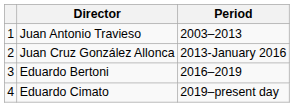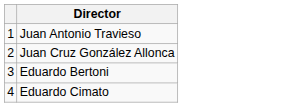 <table class="wikitable">
 <tr>
 <th></th>
 <th>Director</th>
-<th>Period</th>
 </tr>
 <tr>
 <td>1</td>
 <td>Juan Antonio Travieso</td>
-<td>2003–2013</td>
 </tr>
 <tr>
 <td>2</td>
 <td>Juan Cruz González Allonca</td>
-<td>2013-January 2016</td>
 </tr>
 <tr>
 <td>3</td>
 <td>Eduardo Bertoni</td>
-<td>2016–2019</td>
 </tr>
 <tr>
 <td>4</td>
 <td>Eduardo Cimato</td>
-<td>2019–present day</td>
 </tr>
 </table>
